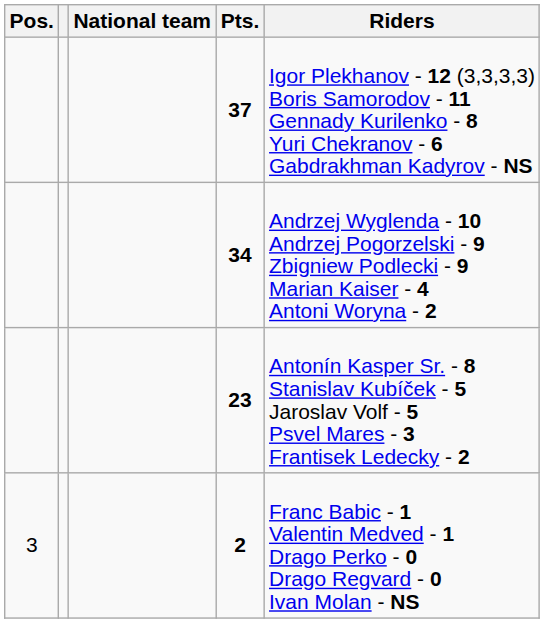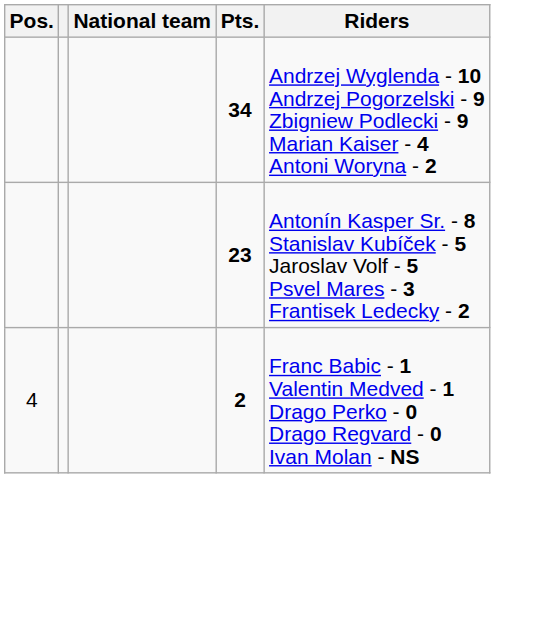 <table class=wikitable style="font-size:93%;">
 <tr>
 <th>Pos.</th>
 <th></th>
 <th>National team</th>
 <th>Pts.</th>
 <th>Riders</th>
-</tr>
-<tr align=center >
-<td></td>
-<td></td>
-<td align=left></td>
-<td><strong>37</strong></td>
-<td align=left><br><a href='#'>Igor Plekhanov</a> - <strong>12</strong> (3,3,3,3)<br> <a href='#'>Boris Samorodov</a> - <strong>11</strong> <br> <a href='#'>Gennady Kurilenko</a> - <strong>8</strong> <br> <a href='#'>Yuri Chekranov</a> - <strong>6</strong> <br> <a href='#'>Gabdrakhman Kadyrov</a> - <strong>NS</strong></td>
 </tr>
 <tr align=center >
 <td></td>
 <td></td>
 <td align=left></td>
 <td><strong>34</strong></td>
 <td align=left><br><a href='#'>Andrzej Wyglenda</a> - <strong>10</strong> <br> <a href='#'>Andrzej Pogorzelski</a> - <strong>9</strong> <br> <a href='#'>Zbigniew Podlecki</a> - <strong>9</strong> <br> <a href='#'>Marian Kaiser</a> - <strong>4</strong> <br> <a href='#'>Antoni Woryna</a> - <strong>2</strong></td>
 </tr>
 <tr align=center >
 <td></td>
 <td></td>
 <td align=left></td>
 <td><strong>23</strong></td>
 <td align=left><br><a href='#'>Antonín Kasper Sr.</a> - <strong>8</strong> <br> <a href='#'>Stanislav Kubíček</a> - <strong>5</strong> <br> Jaroslav Volf - <strong>5</strong> <br> <a href='#'>Psvel Mares</a> - <strong>3</strong> <br> <a href='#'>Frantisek Ledecky</a> - <strong>2</strong></td>
 </tr>
 <tr align=center >
-<td>3</td>
+<td>4</td>
 <td></td>
 <td align=left></td>
 <td><strong>2</strong></td>
 <td align=left><br><a href='#'>Franc Babic</a> - <strong>1</strong> <br> <a href='#'>Valentin Medved</a> - <strong>1</strong> <br> <a href='#'>Drago Perko</a> - <strong>0</strong> <br> <a href='#'>Drago Regvard</a> - <strong>0</strong> <br> <a href='#'>Ivan Molan</a> - <strong>NS</strong></td>
 </tr>
 </table>
